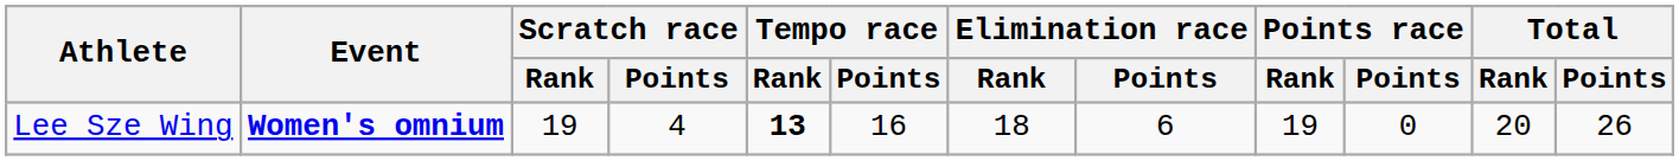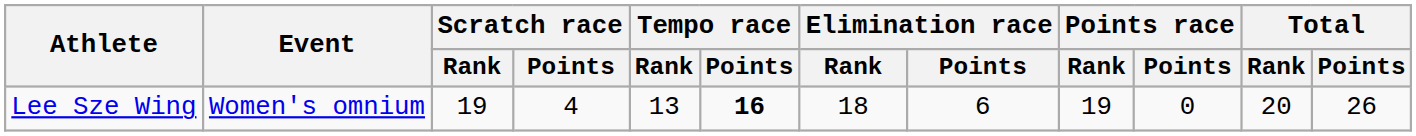 <table class=wikitable style=font-size:90%;text-align:center>
 <tr>
 <th rowspan=2>Athlete</th>
 <th rowspan=2>Event</th>
 <th colspan=2>Scratch race</th>
 <th colspan=2>Tempo race</th>
 <th colspan=2>Elimination race</th>
 <th colspan=2>Points race</th>
 <th colspan=2>Total</th>
 </tr>
 <tr style=font-size:95%>
 <th>Rank</th>
 <th>Points</th>
 <th>Rank</th>
 <th>Points</th>
 <th>Rank</th>
 <th>Points</th>
 <th>Rank</th>
 <th>Points</th>
 <th>Rank</th>
 <th>Points</th>
 </tr>
 <tr>
 <td align=left><a href='#'>Lee Sze Wing</a></td>
-<td align=left><strong><a href='#'>Women's omnium</a></strong></td>
+<td align=left><a href='#'>Women's omnium</a></td>
 <td>19</td>
 <td>4</td>
-<td><strong>13</strong></td>
-<td>16</td>
+<td>13</td>
+<td><strong>16</strong></td>
 <td>18</td>
 <td>6</td>
 <td>19</td>
 <td>0</td>
 <td>20</td>
 <td>26</td>
 </tr>
 </table>
